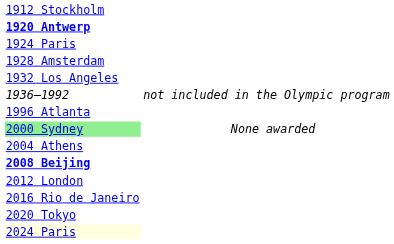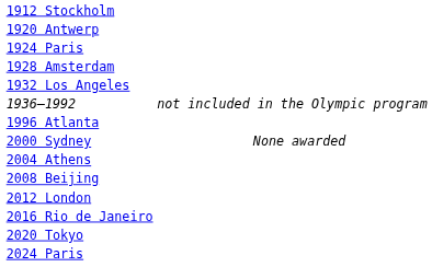 <table>
 <tr>
 <td><a href='#'>1912 Stockholm</a><br></td>
 <td></td>
 <td></td>
 <td></td>
 </tr>
 <tr>
-<td><strong><a href='#'>1920 Antwerp</a><br></strong></td>
+<td><a href='#'>1920 Antwerp</a><br></td>
 <td></td>
 <td></td>
 <td></td>
 </tr>
 <tr>
 <td><a href='#'>1924 Paris</a><br></td>
 <td></td>
 <td></td>
 <td></td>
 </tr>
 <tr>
 <td><a href='#'>1928 Amsterdam</a><br></td>
 <td></td>
 <td></td>
 <td></td>
 </tr>
 <tr>
 <td><a href='#'>1932 Los Angeles</a><br></td>
 <td></td>
 <td></td>
 <td></td>
 </tr>
 <tr>
 <td><em>1936–1992</em></td>
 <td colspan=3 align=center><em>not included in the Olympic program</em></td>
 </tr>
 <tr>
 <td><a href='#'>1996 Atlanta</a><br></td>
 <td></td>
 <td></td>
 <td></td>
 </tr>
 <tr>
-<td style="background: lightgreen;"><a href='#'>2000 Sydney</a><br></td>
+<td><a href='#'>2000 Sydney</a><br></td>
 <td></td>
 <td></td>
 <td align="center"><em>None awarded</em></td>
 </tr>
 <tr>
 <td><a href='#'>2004 Athens</a><br></td>
 <td></td>
 <td></td>
 <td></td>
 </tr>
 <tr>
-<td><strong><a href='#'>2008 Beijing</a><br></strong></td>
+<td><a href='#'>2008 Beijing</a><br></td>
 <td></td>
 <td></td>
 <td></td>
 </tr>
 <tr>
 <td><a href='#'>2012 London</a><br></td>
 <td></td>
 <td></td>
 <td></td>
 </tr>
 <tr>
 <td><a href='#'>2016 Rio de Janeiro</a><br></td>
 <td></td>
 <td></td>
 <td></td>
 </tr>
 <tr>
 <td><a href='#'>2020 Tokyo</a><br></td>
 <td></td>
 <td></td>
 <td></td>
 </tr>
 <tr>
-<td style="background: lightyellow;"><a href='#'>2024 Paris</a><br></td>
+<td><a href='#'>2024 Paris</a><br></td>
 <td></td>
 <td></td>
 <td></td>
 </tr>
 <tr>
 </tr>
 </table>
